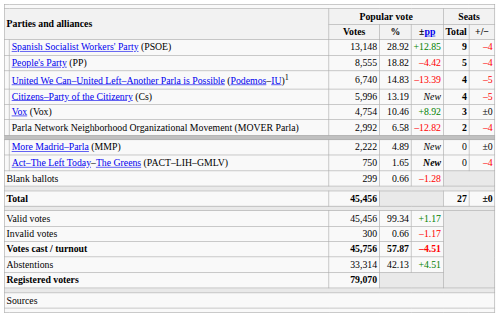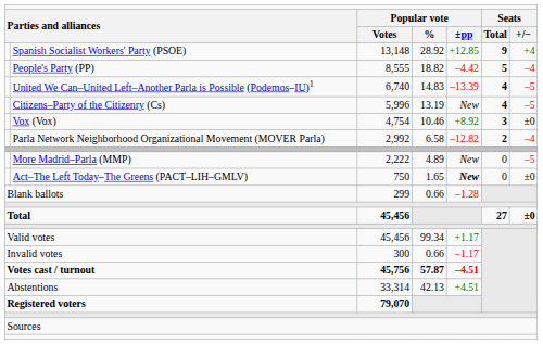 <table class="wikitable" style="text-align:right;">
 <tr>
 <td colspan="7"></td>
 </tr>
 <tr>
 <th style="text-align:left;" rowspan="2" colspan="2" width="525">Parties and alliances</th>
 <th colspan="3">Popular vote</th>
 <th colspan="2">Seats</th>
 </tr>
 <tr>
 <th width="75">Votes</th>
 <th width="45">%</th>
 <th width="45">±<a href='#'>pp</a></th>
 <th width="35">Total</th>
 <th width="35">+/−</th>
 </tr>
 <tr>
 <td width="1" style="color:inherit;background:"></td>
 <td align="left"><a href='#'>Spanish Socialist Workers' Party</a> (PSOE)</td>
 <td>13,148</td>
 <td>28.92</td>
 <td style="color:green;">+12.85</td>
 <td><strong>9</strong></td>
-<td style="color:red;">–4</td>
+<td style="color:green;">+4</td>
 </tr>
 <tr>
 <td style="color:inherit;background:"></td>
 <td align="left"><a href='#'>People's Party</a> (PP)</td>
 <td>8,555</td>
 <td>18.82</td>
 <td style="color:red;">–4.42</td>
 <td><strong>5</strong></td>
 <td style="color:red;">–4</td>
 </tr>
 <tr>
 <td style="color:inherit;background:"></td>
 <td align="left"><a href='#'>United We Can–United Left–Another Parla is Possible</a> (<a href='#'>Podemos</a>–<a href='#'>IU</a>)<sup>1</sup></td>
 <td>6,740</td>
 <td>14.83</td>
 <td style="color:red;">–13.39</td>
 <td><strong>4</strong></td>
 <td style="color:red;">–5</td>
 </tr>
 <tr>
 <td style="color:inherit;background:"></td>
 <td align="left"><a href='#'>Citizens–Party of the Citizenry</a> (Cs)</td>
 <td>5,996</td>
 <td>13.19</td>
 <td><em>New</em></td>
 <td><strong>4</strong></td>
 <td style="color:red;">–5</td>
 </tr>
 <tr>
 <td style="color:inherit;background:"></td>
 <td align="left"><a href='#'>Vox</a> (Vox)</td>
 <td>4,754</td>
 <td>10.46</td>
 <td style="color:green;">+8.92</td>
 <td><strong>3</strong></td>
 <td>±0</td>
 </tr>
 <tr>
 <td style="color:inherit;background:"></td>
 <td align="left">Parla Network Neighborhood Organizational Movement (MOVER Parla)</td>
 <td>2,992</td>
 <td>6.58</td>
 <td style="color:red;">–12.82</td>
 <td><strong>2</strong></td>
 <td style="color:red;">–4</td>
 </tr>
 <tr>
 <td colspan="7" bgcolor="#C0C0C0"></td>
 </tr>
 <tr>
 <td style="color:inherit;background:"></td>
 <td align="left"><a href='#'>More Madrid–Parla</a> (MMP)</td>
 <td>2,222</td>
 <td>4.89</td>
 <td><em>New</em></td>
 <td>0</td>
-<td>±0</td>
+<td style="color:red;">–5</td>
 </tr>
 <tr>
 <td style="color:inherit;background:"></td>
 <td align="left"><a href='#'>Act–The Left Today</a>–<a href='#'>The Greens</a> (PACT–LIH–GMLV)</td>
 <td>750</td>
 <td>1.65</td>
 <td><strong><em>New</em></strong></td>
 <td>0</td>
-<td style="color:red;">–4</td>
+<td>±0</td>
 </tr>
 <tr>
 <td align="left" colspan="2">Blank ballots</td>
 <td>299</td>
 <td>0.66</td>
 <td style="color:red;">–1.28</td>
 <td bgcolor="#E9E9E9" colspan="2"></td>
 </tr>
 <tr>
 <td colspan="7" bgcolor="#E9E9E9"></td>
 </tr>
 <tr style="font-weight:bold;">
 <td align="left" colspan="2">Total</td>
 <td>45,456</td>
 <td bgcolor="#E9E9E9" colspan="2"></td>
 <td>27</td>
 <td>±0</td>
 </tr>
 <tr>
 <td colspan="7" bgcolor="#E9E9E9"></td>
 </tr>
 <tr>
 <td align="left" colspan="2">Valid votes</td>
 <td>45,456</td>
 <td>99.34</td>
 <td style="color:green;">+1.17</td>
 <td bgcolor="#E9E9E9" colspan="2" rowspan="5"></td>
 </tr>
 <tr>
 <td align="left" colspan="2">Invalid votes</td>
 <td>300</td>
 <td>0.66</td>
 <td style="color:red;">–1.17</td>
 </tr>
 <tr style="font-weight:bold;">
 <td align="left" colspan="2">Votes cast / turnout</td>
 <td>45,756</td>
 <td>57.87</td>
 <td style="color:red;">–4.51</td>
 </tr>
 <tr>
 <td align="left" colspan="2">Abstentions</td>
 <td>33,314</td>
 <td>42.13</td>
 <td style="color:green;">+4.51</td>
 </tr>
 <tr style="font-weight:bold;">
 <td align="left" colspan="2">Registered voters</td>
 <td>79,070</td>
 <td bgcolor="#E9E9E9" colspan="2"></td>
 </tr>
 <tr>
 <td colspan="7" bgcolor="#E9E9E9"></td>
 </tr>
 <tr>
 <td align="left" colspan="7">Sources</td>
 </tr>
 <tr>
 <td colspan="7" style="text-align:left; max-width:790px;"></td>
 </tr>
 </table>
